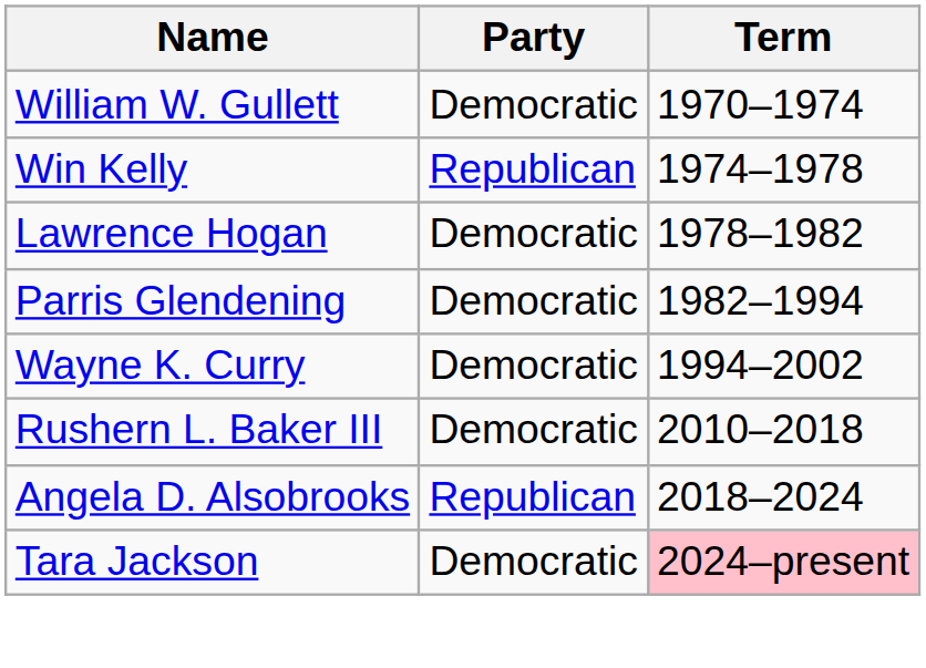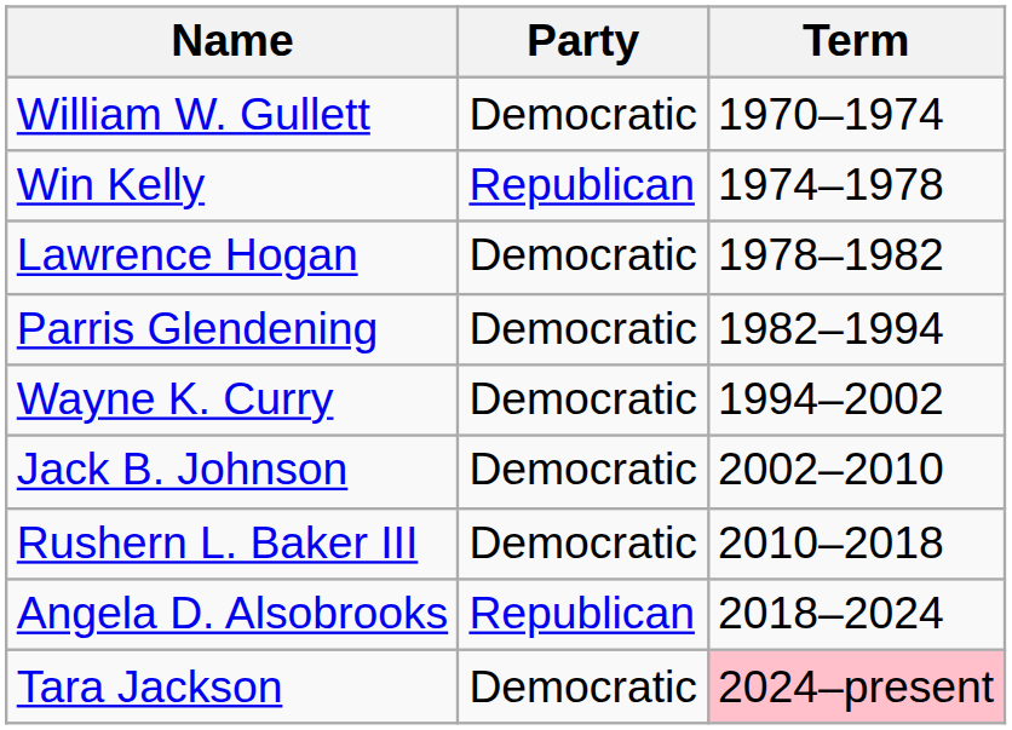 <table class="wikitable" style="display: inline-table;">
 <tr>
 <th>Name</th>
 <th>Party</th>
 <th>Term</th>
 </tr>
 <tr>
 <td><a href='#'>William W. Gullett</a></td>
 <td>Democratic</td>
 <td>1970–1974</td>
 </tr>
 <tr>
 <td><a href='#'>Win Kelly</a></td>
 <td><a href='#'>Republican</a></td>
 <td>1974–1978</td>
 </tr>
 <tr>
 <td><a href='#'>Lawrence Hogan</a></td>
 <td>Democratic</td>
 <td>1978–1982</td>
 </tr>
 <tr>
 <td><a href='#'>Parris Glendening</a></td>
 <td>Democratic</td>
 <td>1982–1994</td>
 </tr>
 <tr>
 <td><a href='#'>Wayne K. Curry</a></td>
 <td>Democratic</td>
 <td>1994–2002</td>
 </tr>
 <tr>
+<td><a href='#'>Jack B. Johnson</a></td>
+<td>Democratic</td>
+<td>2002–2010</td>
+</tr>
+<tr>
 <td><a href='#'>Rushern L. Baker III</a></td>
 <td>Democratic</td>
 <td>2010–2018</td>
 </tr>
 <tr>
 <td><a href='#'>Angela D. Alsobrooks</a></td>
 <td><a href='#'>Republican</a></td>
 <td>2018–2024</td>
 </tr>
 <tr>
 <td><a href='#'>Tara Jackson</a> </td>
 <td>Democratic</td>
 <td style="background: pink;">2024–present</td>
 </tr>
 </table>
